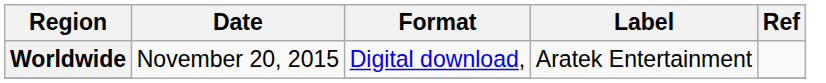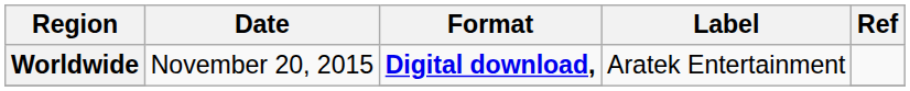 <table class="wikitable plainrowheaders">
 <tr>
 <th scope="col">Region</th>
 <th scope="col">Date</th>
 <th scope="col">Format</th>
 <th scope="col">Label</th>
 <th scope="col">Ref</th>
 </tr>
 <tr>
 <th scope="row">Worldwide</th>
 <td rowspan="2">November 20, 2015</td>
-<td rowspan="1"><a href='#'>Digital download</a>,</td>
+<td rowspan="1"><strong><a href='#'>Digital download</a>,</strong></td>
 <td rowspan="3">Aratek Entertainment</td>
 <td style="text-align:center;"></td>
 </tr>
 <tr>
 </tr>
 </table>
